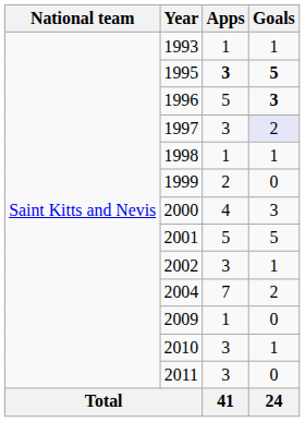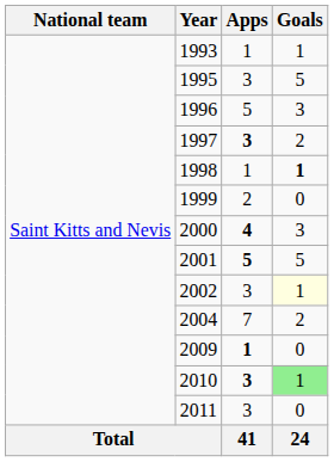 <table class=wikitable style="text-align: center">
 <tr>
 <th>National team</th>
 <th>Year</th>
 <th>Apps</th>
 <th>Goals</th>
 </tr>
 <tr>
 <td rowspan="13"><a href='#'>Saint Kitts and Nevis</a></td>
 <td>1993</td>
 <td>1</td>
 <td>1</td>
 </tr>
 <tr>
 <td>1995</td>
-<td><strong>3</strong></td>
-<td><strong>5</strong></td>
+<td>3</td>
+<td>5</td>
 </tr>
 <tr>
 <td>1996</td>
 <td>5</td>
-<td><strong>3</strong></td>
+<td>3</td>
 </tr>
 <tr>
 <td>1997</td>
-<td>3</td>
-<td style="background: lavender;">2</td>
+<td><strong>3</strong></td>
+<td>2</td>
 </tr>
 <tr>
 <td>1998</td>
 <td>1</td>
-<td>1</td>
+<td><strong>1</strong></td>
 </tr>
 <tr>
 <td>1999</td>
 <td>2</td>
 <td>0</td>
 </tr>
 <tr>
 <td>2000</td>
-<td>4</td>
+<td><strong>4</strong></td>
 <td>3</td>
 </tr>
 <tr>
 <td>2001</td>
-<td>5</td>
+<td><strong>5</strong></td>
 <td>5</td>
 </tr>
 <tr>
 <td>2002</td>
 <td>3</td>
-<td>1</td>
+<td style="background: lightyellow;">1</td>
 </tr>
 <tr>
 <td>2004</td>
 <td>7</td>
 <td>2</td>
 </tr>
 <tr>
 <td>2009</td>
-<td>1</td>
+<td><strong>1</strong></td>
 <td>0</td>
 </tr>
 <tr>
 <td>2010</td>
-<td>3</td>
-<td>1</td>
+<td><strong>3</strong></td>
+<td style="background: lightgreen;">1</td>
 </tr>
 <tr>
 <td>2011</td>
 <td>3</td>
 <td>0</td>
 </tr>
 <tr>
 <th colspan="2">Total</th>
 <th>41</th>
 <th>24</th>
 </tr>
 </table>
